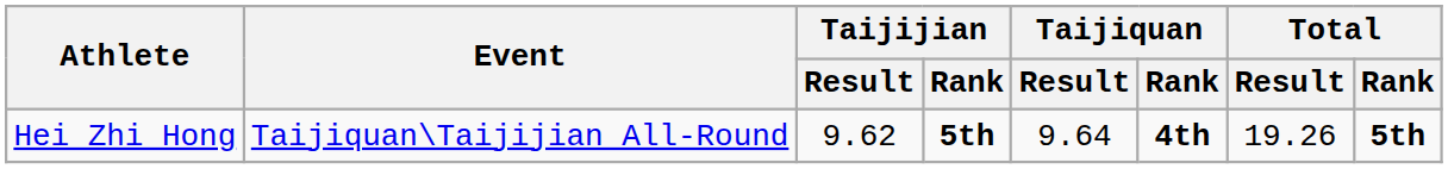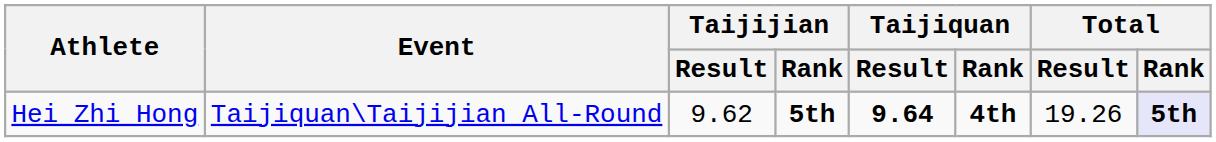 <table class=wikitable style="font-size:90%">
 <tr>
 <th rowspan="2">Athlete</th>
 <th rowspan="2">Event</th>
 <th colspan="2">Taijijian</th>
 <th colspan="2">Taijiquan</th>
 <th colspan="2">Total</th>
 </tr>
 <tr>
 <th>Result</th>
 <th>Rank</th>
 <th>Result</th>
 <th>Rank</th>
 <th>Result</th>
 <th>Rank</th>
 </tr>
 <tr>
 <td><a href='#'>Hei Zhi Hong</a></td>
 <td><a href='#'>Taijiquan\Taijijian All-Round</a></td>
 <td align=center>9.62</td>
 <td align=center><strong>5th</strong></td>
-<td align=center>9.64</td>
+<td align=center><strong>9.64</strong></td>
 <td align=center><strong>4th</strong></td>
 <td align=center>19.26</td>
-<td align=center><strong>5th</strong></td>
+<td align=center style="background: lavender;"><strong>5th</strong></td>
 </tr>
 </table>
